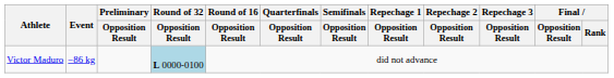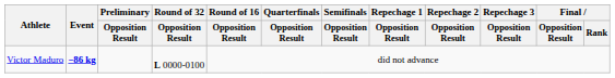 <table class="wikitable" style="font-size:90%">
 <tr>
 <th rowspan="2">Athlete</th>
 <th rowspan="2">Event</th>
 <th>Preliminary</th>
 <th>Round of 32</th>
 <th>Round of 16</th>
 <th>Quarterfinals</th>
 <th>Semifinals</th>
 <th>Repechage 1</th>
 <th>Repechage 2</th>
 <th>Repechage 3</th>
 <th colspan=2>Final / </th>
 </tr>
 <tr style="font-size:95%">
 <th>Opposition<br>Result</th>
 <th>Opposition<br>Result</th>
 <th>Opposition<br>Result</th>
 <th>Opposition<br>Result</th>
 <th>Opposition<br>Result</th>
 <th>Opposition<br>Result</th>
 <th>Opposition<br>Result</th>
 <th>Opposition<br>Result</th>
 <th>Opposition<br>Result</th>
 <th>Rank</th>
 </tr>
 <tr align=center>
 <td align=left><a href='#'>Victor Maduro</a></td>
-<td align=left><a href='#'>−86 kg</a></td>
+<td align=left><strong><a href='#'>−86 kg</a></strong></td>
 <td></td>
-<td style="background: lightblue;"><br><strong>L</strong> 0000-0100</td>
+<td><br><strong>L</strong> 0000-0100</td>
 <td colspan=8>did not advance</td>
 </tr>
 </table>
